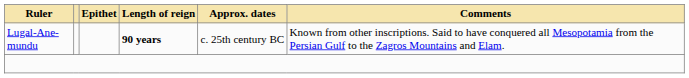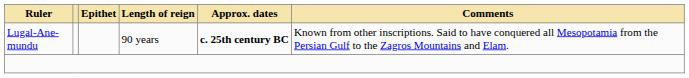 <table class="nowraplinks" cellspacing="0" cellpadding="3" width="600px" rules="all" style="background:#fbfbfb; border-style: solid; border-width: 1px; font-size:90%; empty-cells:show; border-collapse:collapse; width:100%;">
 <tr bgcolor="#F6E6AE">
 <th>Ruler</th>
 <th></th>
 <th>Epithet</th>
 <th>Length of reign</th>
 <th>Approx. dates</th>
 <th>Comments</th>
 </tr>
 <tr>
 <td><a href='#'>Lugal-Ane-mundu</a></td>
 <td></td>
 <td></td>
-<td><strong>90 years</strong></td>
-<td>c. 25th century BC</td>
+<td>90 years</td>
+<td><strong>c. 25th century BC</strong></td>
 <td>Known from other inscriptions. Said to have conquered all <a href='#'>Mesopotamia</a> from the <a href='#'>Persian Gulf</a> to the <a href='#'>Zagros Mountains</a> and <a href='#'>Elam</a>.</td>
 </tr>
 <tr>
 <td colspan="6"><br></td>
 </tr>
 </table>
